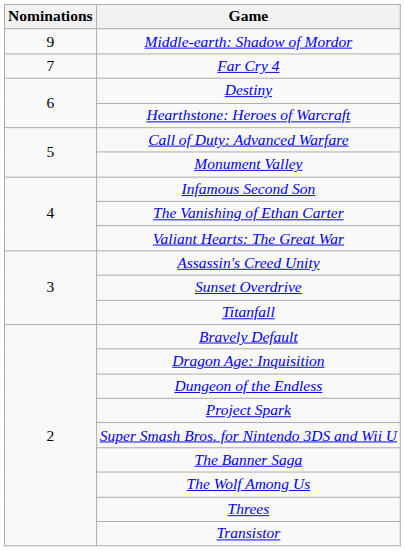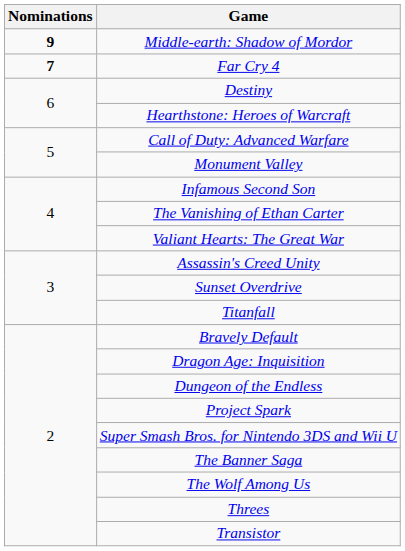 <table class="wikitable floatleft" rowspan="2" style="text-align:center;" background: #f6e39c;>
 <tr>
 <th scope="col">Nominations</th>
 <th scope="col">Game</th>
 </tr>
 <tr>
-<td>9</td>
+<td><strong>9</strong></td>
 <td><em><a href='#'>Middle-earth: Shadow of Mordor</a></em></td>
 </tr>
 <tr>
-<td>7</td>
+<td><strong>7</strong></td>
 <td><em><a href='#'>Far Cry 4</a></em></td>
 </tr>
 <tr>
 <td rowspan=2>6</td>
 <td><em><a href='#'>Destiny</a></em></td>
 </tr>
 <tr>
 <td><em><a href='#'>Hearthstone: Heroes of Warcraft</a></em></td>
 </tr>
 <tr>
 <td rowspan=2>5</td>
 <td><em><a href='#'>Call of Duty: Advanced Warfare</a></em></td>
 </tr>
 <tr>
 <td><em><a href='#'>Monument Valley</a></em></td>
 </tr>
 <tr>
 <td rowspan=3>4</td>
 <td><em><a href='#'>Infamous Second Son</a></em></td>
 </tr>
 <tr>
 <td><em><a href='#'>The Vanishing of Ethan Carter</a></em></td>
 </tr>
 <tr>
 <td><em><a href='#'>Valiant Hearts: The Great War</a></em></td>
 </tr>
 <tr>
 <td rowspan=3>3</td>
 <td><em><a href='#'>Assassin's Creed Unity</a></em></td>
 </tr>
 <tr>
 <td><em><a href='#'>Sunset Overdrive</a></em></td>
 </tr>
 <tr>
 <td><em><a href='#'>Titanfall</a></em></td>
 </tr>
 <tr>
 <td rowspan=9>2</td>
 <td><em><a href='#'>Bravely Default</a></em></td>
 </tr>
 <tr>
 <td><em><a href='#'>Dragon Age: Inquisition</a></em></td>
 </tr>
 <tr>
 <td><em><a href='#'>Dungeon of the Endless</a></em></td>
 </tr>
 <tr>
 <td><em><a href='#'>Project Spark</a></em></td>
 </tr>
 <tr>
 <td><em><a href='#'>Super Smash Bros. for Nintendo 3DS and Wii U</a></em></td>
 </tr>
 <tr>
 <td><em><a href='#'>The Banner Saga</a></em></td>
 </tr>
 <tr>
 <td><em><a href='#'>The Wolf Among Us</a></em></td>
 </tr>
 <tr>
 <td><em><a href='#'>Threes</a></em></td>
 </tr>
 <tr>
 <td><em><a href='#'>Transistor</a></em></td>
 </tr>
 </table>
